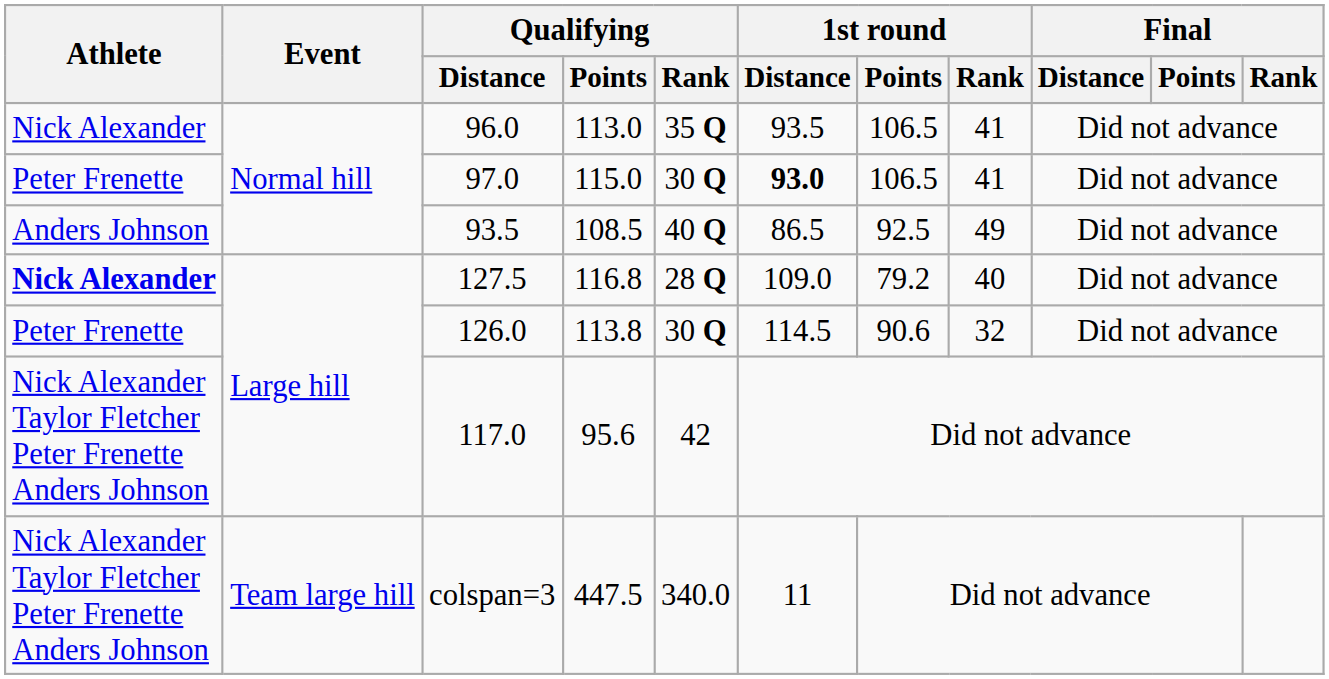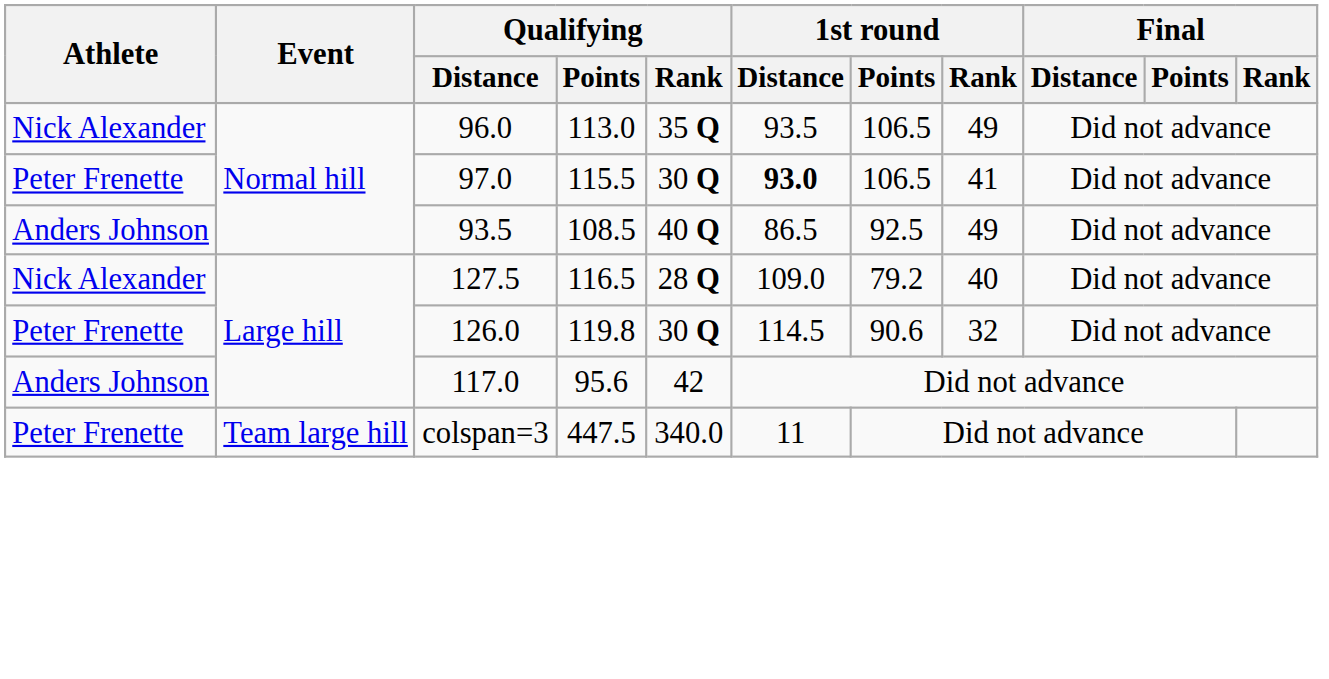 <table class=wikitable style=font-size:90%;text-align:center>
 <tr>
 <th rowspan=2>Athlete</th>
 <th rowspan=2>Event</th>
 <th colspan=3>Qualifying</th>
 <th colspan=3>1st round</th>
 <th colspan=3>Final</th>
 </tr>
 <tr style=font-size:95%>
 <th>Distance</th>
 <th>Points</th>
 <th>Rank</th>
 <th>Distance</th>
 <th>Points</th>
 <th>Rank</th>
 <th>Distance</th>
 <th>Points</th>
 <th>Rank</th>
 </tr>
 <tr>
 <td align=left><a href='#'>Nick Alexander</a></td>
 <td align=left rowspan=3><a href='#'>Normal hill</a></td>
 <td>96.0</td>
 <td>113.0</td>
 <td>35 <strong>Q</strong></td>
 <td>93.5</td>
 <td>106.5</td>
-<td>41</td>
+<td>49</td>
 <td colspan=3>Did not advance</td>
 </tr>
 <tr>
 <td align=left><a href='#'>Peter Frenette</a></td>
 <td>97.0</td>
-<td>115.0</td>
+<td>115.5</td>
 <td>30 <strong>Q</strong></td>
 <td><strong>93.0</strong></td>
 <td>106.5</td>
 <td>41</td>
 <td colspan=3>Did not advance</td>
 </tr>
 <tr>
 <td align=left><a href='#'>Anders Johnson</a></td>
 <td>93.5</td>
 <td>108.5</td>
 <td>40 <strong>Q</strong></td>
 <td>86.5</td>
 <td>92.5</td>
 <td>49</td>
 <td colspan=3>Did not advance</td>
 </tr>
 <tr>
-<td align=left><strong><a href='#'>Nick Alexander</a></strong></td>
+<td align=left><a href='#'>Nick Alexander</a></td>
 <td align=left rowspan=3><a href='#'>Large hill</a></td>
 <td>127.5</td>
-<td>116.8</td>
+<td>116.5</td>
 <td>28 <strong>Q</strong></td>
 <td>109.0</td>
 <td>79.2</td>
 <td>40</td>
 <td colspan=3>Did not advance</td>
 </tr>
 <tr>
 <td align=left><a href='#'>Peter Frenette</a></td>
 <td>126.0</td>
-<td>113.8</td>
+<td>119.8</td>
 <td>30 <strong>Q</strong></td>
 <td>114.5</td>
 <td>90.6</td>
 <td>32</td>
 <td colspan=3>Did not advance</td>
 </tr>
 <tr>
-<td align=left><a href='#'>Nick Alexander</a><br><a href='#'>Taylor Fletcher</a><br><a href='#'>Peter Frenette</a><br><a href='#'>Anders Johnson</a></td>
+<td align=left><a href='#'>Anders Johnson</a></td>
 <td>117.0</td>
 <td>95.6</td>
 <td>42</td>
 <td colspan=6>Did not advance</td>
 </tr>
 <tr>
-<td align=left><a href='#'>Nick Alexander</a><br><a href='#'>Taylor Fletcher</a><br><a href='#'>Peter Frenette</a><br><a href='#'>Anders Johnson</a></td>
+<td align=left><a href='#'>Peter Frenette</a></td>
 <td align=left><a href='#'>Team large hill</a></td>
 <td>colspan=3 </td>
 <td>447.5</td>
 <td>340.0</td>
 <td>11</td>
 <td colspan=4>Did not advance</td>
 </tr>
 </table>
